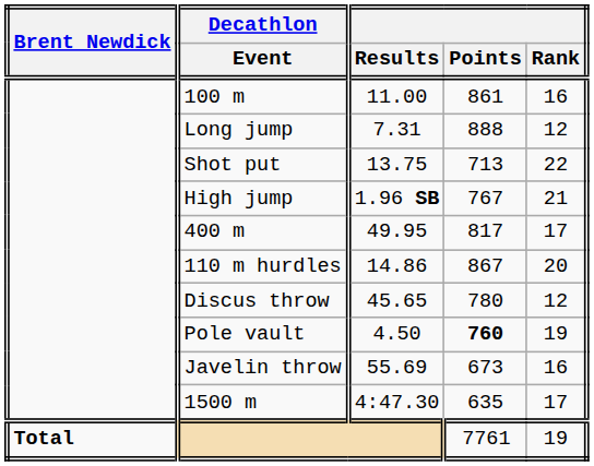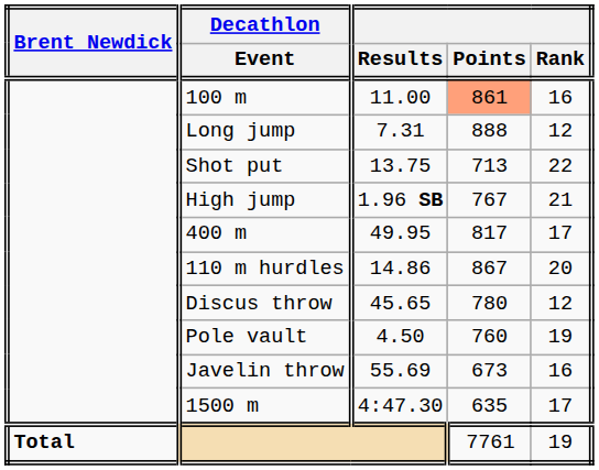 <table class=wikitable style="font-size:90%; border: double;">
 <tr>
 <th style="border-right:double" rowspan="2"><a href='#'>Brent Newdick</a></th>
 <th style="border-right:double"><a href='#'>Decathlon</a></th>
 <th colspan="3"></th>
 </tr>
 <tr>
 <th style="border-right:double">Event</th>
 <th>Results</th>
 <th>Points</th>
 <th>Rank</th>
 </tr>
 <tr style="border-top: double;">
 <td style="border-right:double" rowspan="10"></td>
 <td style="border-right:double">100 m</td>
 <td align=center>11.00</td>
-<td align=center>861</td>
+<td align=center style="background: lightsalmon;">861</td>
 <td align=center>16</td>
 </tr>
 <tr>
 <td style="border-right:double">Long jump</td>
 <td align=center>7.31</td>
 <td align=center>888</td>
 <td align=center>12</td>
 </tr>
 <tr>
 <td style="border-right:double">Shot put</td>
 <td align=center>13.75</td>
 <td align=center>713</td>
 <td align=center>22</td>
 </tr>
 <tr>
 <td style="border-right:double">High jump</td>
 <td align=center>1.96 <strong>SB</strong></td>
 <td align=center>767</td>
 <td align=center>21</td>
 </tr>
 <tr>
 <td style="border-right:double">400 m</td>
 <td align=center>49.95</td>
 <td align=center>817</td>
 <td align=center>17</td>
 </tr>
 <tr>
 <td style="border-right:double">110 m hurdles</td>
 <td align=center>14.86</td>
 <td align=center>867</td>
 <td align=center>20</td>
 </tr>
 <tr>
 <td style="border-right:double">Discus throw</td>
 <td align=center>45.65</td>
 <td align=center>780</td>
 <td align=center>12</td>
 </tr>
 <tr>
 <td style="border-right:double">Pole vault</td>
 <td align=center>4.50</td>
-<td align=center><strong>760</strong></td>
+<td align=center>760</td>
 <td align=center>19</td>
 </tr>
 <tr>
 <td style="border-right:double">Javelin throw</td>
 <td align=center>55.69</td>
 <td align=center>673</td>
 <td align=center>16</td>
 </tr>
 <tr>
 <td style="border-right:double">1500 m</td>
 <td align=center>4:47.30</td>
 <td align=center>635</td>
 <td align=center>17</td>
 </tr>
 <tr style="border-top: double;">
 <td style="border-right:double"><strong>Total</strong></td>
 <td colspan="2" style="background:wheat; border-right:double;"></td>
 <td align=center>7761</td>
 <td align=center>19</td>
 </tr>
 </table>
